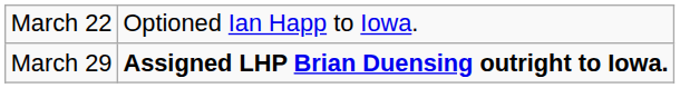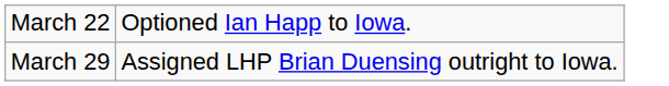 <table class="wikitable">
 <tr>
 <td>March 22</td>
 <td>Optioned <a href='#'>Ian Happ</a> to <a href='#'>Iowa</a>.</td>
 </tr>
 <tr>
 <td>March 29</td>
-<td><strong>Assigned LHP <a href='#'>Brian Duensing</a> outright to Iowa.</strong></td>
+<td>Assigned LHP <a href='#'>Brian Duensing</a> outright to Iowa.</td>
 </tr>
 </table>
